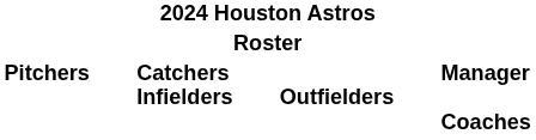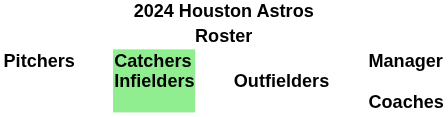 <table class="toccolours" style="font-size: 95%;">
 <tr>
 <th colspan="10">2024 Houston Astros</th>
 </tr>
 <tr>
 <th colspan="10">Roster</th>
 </tr>
 <tr>
 <td valign="top"><strong>Pitchers</strong><br>                              </td>
 <td style="width:25px;"></td>
-<td valign="top"><strong>Catchers</strong><br>   <strong>Infielders</strong>          </td>
+<td valign="top" style="background: lightgreen;"><strong>Catchers</strong><br>   <strong>Infielders</strong>          </td>
 <td style="width:25px;"></td>
 <td valign="top"><br><strong>Outfielders</strong>           </td>
 <td style="width:25px;"></td>
 <td valign="top"><strong>Manager</strong><br><br><strong>Coaches</strong>                       </td>
 </tr>
 </table>
